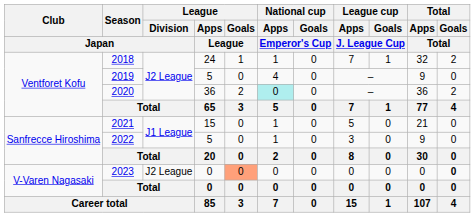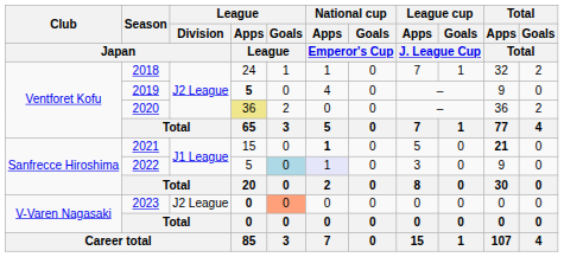 <table class="wikitable" style="text-align:center">
 <tr>
 <th rowspan=2>Club</th>
 <th rowspan=2>Season</th>
 <th colspan=3>League</th>
 <th colspan=2>National cup</th>
 <th colspan=2>League cup</th>
 <th colspan=2>Total</th>
 </tr>
 <tr>
 <th>Division</th>
 <th>Apps</th>
 <th>Goals</th>
 <th>Apps</th>
 <th>Goals</th>
 <th>Apps</th>
 <th>Goals</th>
 <th>Apps</th>
 <th>Goals</th>
 </tr>
 <tr>
 <th colspan=3>Japan</th>
 <th colspan=2>League</th>
 <th colspan=2><a href='#'>Emperor's Cup</a></th>
 <th colspan=2><a href='#'>J. League Cup</a></th>
 <th colspan=2>Total</th>
 </tr>
 <tr>
 <td rowspan="4"><a href='#'>Ventforet Kofu</a></td>
 <td><a href='#'>2018</a></td>
 <td rowspan="3"><a href='#'>J2 League</a></td>
 <td>24</td>
 <td>1</td>
 <td>1</td>
 <td>0</td>
 <td>7</td>
 <td>1</td>
 <td>32</td>
 <td>2</td>
 </tr>
 <tr>
 <td><a href='#'>2019</a></td>
-<td>5</td>
+<td><strong>5</strong></td>
 <td>0</td>
 <td>4</td>
 <td>0</td>
 <td colspan="2">–</td>
 <td>9</td>
 <td>0</td>
 </tr>
 <tr>
 <td><a href='#'>2020</a></td>
-<td>36</td>
+<td style="background: khaki;">36</td>
 <td>2</td>
-<td style="background: paleturquoise;">0</td>
+<td>0</td>
 <td>0</td>
 <td colspan="2">–</td>
 <td>36</td>
 <td>2</td>
 </tr>
 <tr>
 <th colspan="2">Total</th>
 <th>65</th>
 <th>3</th>
 <th>5</th>
 <th>0</th>
 <th>7</th>
 <th>1</th>
 <th>77</th>
 <th>4</th>
 </tr>
 <tr>
 <td rowspan="3"><a href='#'>Sanfrecce Hiroshima</a></td>
 <td><a href='#'>2021</a></td>
 <td rowspan="2"><a href='#'>J1 League</a></td>
 <td>15</td>
 <td>0</td>
-<td>1</td>
+<td><strong>1</strong></td>
 <td>0</td>
 <td>5</td>
 <td>0</td>
-<td>21</td>
+<td><strong>21</strong></td>
 <td>0</td>
 </tr>
 <tr>
 <td><a href='#'>2022</a></td>
 <td>5</td>
-<td>0</td>
-<td>1</td>
+<td style="background: lightblue;">0</td>
+<td style="background: lavender;">1</td>
 <td>0</td>
 <td>3</td>
 <td>0</td>
 <td>9</td>
 <td>0</td>
 </tr>
 <tr>
 <th colspan="2">Total</th>
 <th>20</th>
 <th>0</th>
 <th>2</th>
 <th>0</th>
 <th>8</th>
 <th>0</th>
 <th>30</th>
 <th>0</th>
 </tr>
 <tr>
 <td rowspan="2"><a href='#'>V-Varen Nagasaki</a></td>
 <td><a href='#'>2023</a></td>
 <td>J2 League</td>
-<td>0</td>
+<td><strong>0</strong></td>
 <td style="background: lightsalmon;">0</td>
 <td>0</td>
 <td>0</td>
 <td>0</td>
 <td>0</td>
 <td>0</td>
-<td><strong>0</strong></td>
+<td>0</td>
 </tr>
 <tr>
 <th colspan="2">Total</th>
 <th>0</th>
 <th>0</th>
 <th>0</th>
 <th>0</th>
 <th>0</th>
 <th>0</th>
 <th>0</th>
 <th>0</th>
 </tr>
 <tr>
 <th colspan=3>Career total</th>
 <th>85</th>
 <th>3</th>
 <th>7</th>
 <th>0</th>
 <th>15</th>
 <th>1</th>
 <th>107</th>
 <th>4</th>
 </tr>
 </table>
